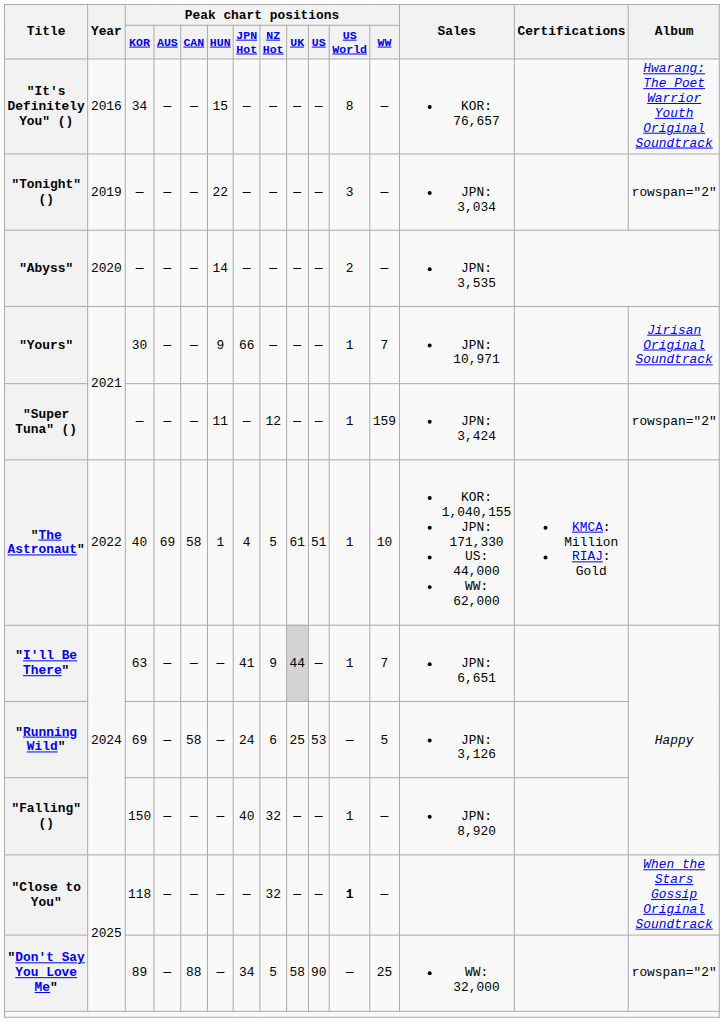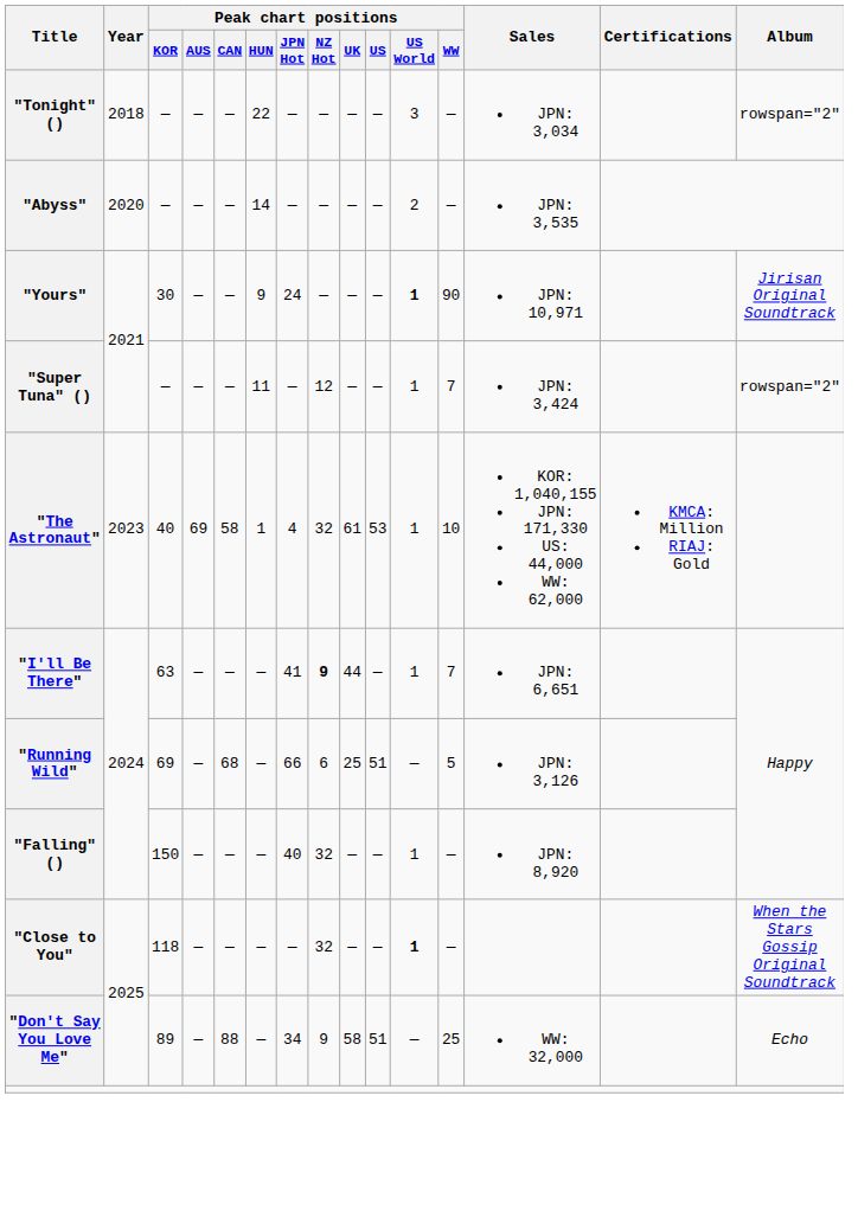 <table class="wikitable plainrowheaders" style="text-align:center;">
 <tr>
 <th scope="col" rowspan="2">Title</th>
 <th scope="col" rowspan="2">Year</th>
 <th scope="col" colspan="10">Peak chart positions</th>
 <th scope="col" rowspan="2" style="width:13em;">Sales</th>
 <th scope="col" rowspan="2">Certifications</th>
 <th scope="col" rowspan="2" style="width:14em;">Album</th>
 </tr>
 <tr>
 <th scope="col" style="width:2.45em;font-size:90%;"><a href='#'>KOR</a><br></th>
 <th scope="col" style="width:2.45em;font-size:90%;"><a href='#'>AUS</a><br></th>
 <th scope="col" style="width:2.45em;font-size:90%;"><a href='#'>CAN</a><br></th>
 <th scope="col" style="width:2.45em;font-size:90%;"><a href='#'>HUN</a><br></th>
 <th scope="col" style="width:2.45em;font-size:90%;"><a href='#'>JPN Hot</a><br></th>
 <th scope="col" style="width:2.45em;font-size:90%;"><a href='#'>NZ<br>Hot</a><br></th>
 <th scope="col" style="width:2.45em;font-size:90%;"><a href='#'>UK</a><br></th>
 <th scope="col" style="width:2.45em;font-size:90%;"><a href='#'>US</a><br></th>
 <th scope="col" style="width:2.45em;font-size:90%;"><a href='#'>US World</a><br></th>
 <th scope="col" style="width:2.45em;font-size:90%;"><a href='#'>WW</a><br></th>
 </tr>
 <tr>
-<th scope="row">"It's Definitely You" ()<br></th>
-<td>2016</td>
-<td>34</td>
-<td>—</td>
-<td>—</td>
-<td>15</td>
-<td>—</td>
-<td>—</td>
-<td>—</td>
-<td>—</td>
-<td>8</td>
-<td>—</td>
-<td><br><ul><li>KOR: 76,657</li></ul></td>
-<td></td>
-<td><em><a href='#'>Hwarang: The Poet Warrior Youth Original Soundtrack</a></em></td>
-</tr>
-<tr>
 <th scope="row">"Tonight" ()</th>
-<td>2019</td>
+<td>2018</td>
 <td>—</td>
 <td>—</td>
 <td>—</td>
 <td>22</td>
 <td>—</td>
 <td>—</td>
 <td>—</td>
 <td>—</td>
 <td>3</td>
 <td>—</td>
 <td><br><ul><li>JPN: 3,034 </li></ul></td>
 <td></td>
 <td>rowspan="2" </td>
 </tr>
 <tr>
 <th scope="row">"Abyss"</th>
 <td>2020</td>
 <td>—</td>
 <td>—</td>
 <td>—</td>
 <td>14</td>
 <td>—</td>
 <td>—</td>
 <td>—</td>
 <td>—</td>
 <td>2</td>
 <td>—</td>
 <td><br><ul><li>JPN: 3,535 </li></ul></td>
 </tr>
 <tr>
 <th scope="row">"Yours"</th>
 <td rowspan="2">2021</td>
 <td>30</td>
 <td>—</td>
 <td>—</td>
 <td>9</td>
-<td>66</td>
+<td>24</td>
 <td>—</td>
 <td>—</td>
 <td>—</td>
-<td>1</td>
-<td>7</td>
+<td><strong>1</strong></td>
+<td>90</td>
 <td><br><ul><li>JPN: 10,971 </li></ul></td>
 <td></td>
 <td><em><a href='#'>Jirisan Original Soundtrack</a></em></td>
 </tr>
 <tr>
 <th scope="row">"Super Tuna" ()</th>
 <td>—</td>
 <td>—</td>
 <td>—</td>
 <td>11</td>
 <td>—</td>
 <td>12</td>
 <td>—</td>
 <td>—</td>
 <td>1</td>
-<td>159</td>
+<td>7</td>
 <td><br><ul><li>JPN: 3,424 </li></ul></td>
 <td></td>
 <td>rowspan="2" </td>
 </tr>
 <tr>
 <th scope="row">"<a href='#'>The Astronaut</a>"</th>
-<td>2022</td>
+<td>2023</td>
 <td>40</td>
 <td>69</td>
 <td>58</td>
 <td>1</td>
 <td>4</td>
-<td>5</td>
+<td>32</td>
 <td>61</td>
-<td>51</td>
+<td>53</td>
 <td>1</td>
 <td>10</td>
 <td><br><ul><li>KOR: 1,040,155 </li><li>JPN: 171,330</li><li>US: 44,000 </li><li>WW: 62,000 </li></ul></td>
 <td><br><ul><li><a href='#'>KMCA</a>: Million </li><li><a href='#'>RIAJ</a>: Gold </li></ul></td>
 </tr>
 <tr>
 <th scope="row">"<a href='#'>I'll Be There</a>"</th>
 <td rowspan="3">2024</td>
 <td>63</td>
 <td>—</td>
 <td>—</td>
 <td>—</td>
 <td>41</td>
-<td>9</td>
-<td style="background: lightgrey;">44</td>
+<td><strong>9</strong></td>
+<td>44</td>
 <td>—</td>
 <td>1</td>
 <td>7</td>
 <td><br><ul><li>JPN: 6,651 </li></ul></td>
 <td></td>
 <td rowspan="3"><em>Happy</em></td>
 </tr>
 <tr>
 <th scope="row">"<a href='#'>Running Wild</a>"</th>
 <td>69</td>
 <td>—</td>
-<td>58</td>
+<td>68</td>
 <td>—</td>
-<td>24</td>
+<td>66</td>
 <td>6</td>
 <td>25</td>
-<td>53</td>
+<td>51</td>
 <td>—</td>
 <td>5</td>
 <td><br><ul><li>JPN: 3,126 </li></ul></td>
 <td></td>
 </tr>
 <tr>
 <th scope="row">"Falling" ()<br></th>
 <td>150</td>
 <td>—</td>
 <td>—</td>
 <td>—</td>
 <td>40</td>
 <td>32</td>
 <td>—</td>
 <td>—</td>
 <td>1</td>
 <td>—</td>
 <td><br><ul><li>JPN: 8,920 </li></ul></td>
 <td></td>
 </tr>
 <tr>
 <th scope="row">"Close to You"</th>
 <td rowspan="2">2025</td>
 <td>118</td>
 <td>—</td>
 <td>—</td>
 <td>—</td>
 <td>—</td>
 <td>32</td>
 <td>—</td>
 <td>—</td>
 <td><strong>1</strong></td>
 <td>—</td>
 <td></td>
 <td></td>
 <td><em><a href='#'>When the Stars Gossip Original Soundtrack</a></em></td>
 </tr>
 <tr>
 <th scope="row">"<a href='#'>Don't Say You Love Me</a>"</th>
 <td>89</td>
 <td>—</td>
 <td>88</td>
 <td>—</td>
 <td>34</td>
-<td>5</td>
+<td>9</td>
 <td>58</td>
-<td>90</td>
+<td>51</td>
 <td>—</td>
 <td>25</td>
 <td><br><ul><li>WW: 32,000 </li></ul></td>
 <td></td>
-<td>rowspan="2" </td>
+<td><em>Echo</em></td>
 </tr>
 <tr>
 <td colspan="15"></td>
 </tr>
 </table>
